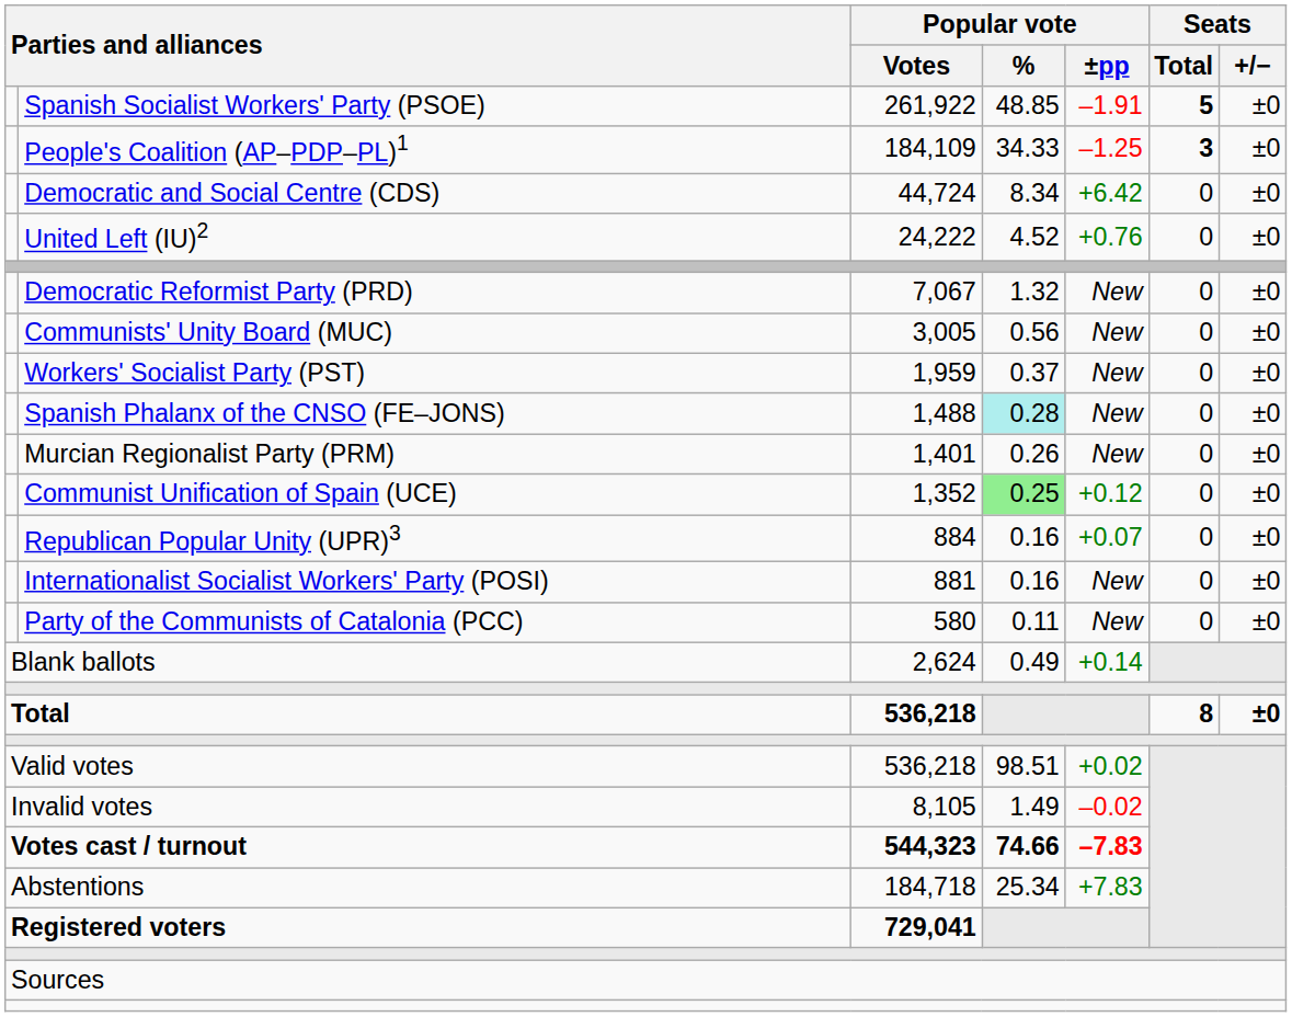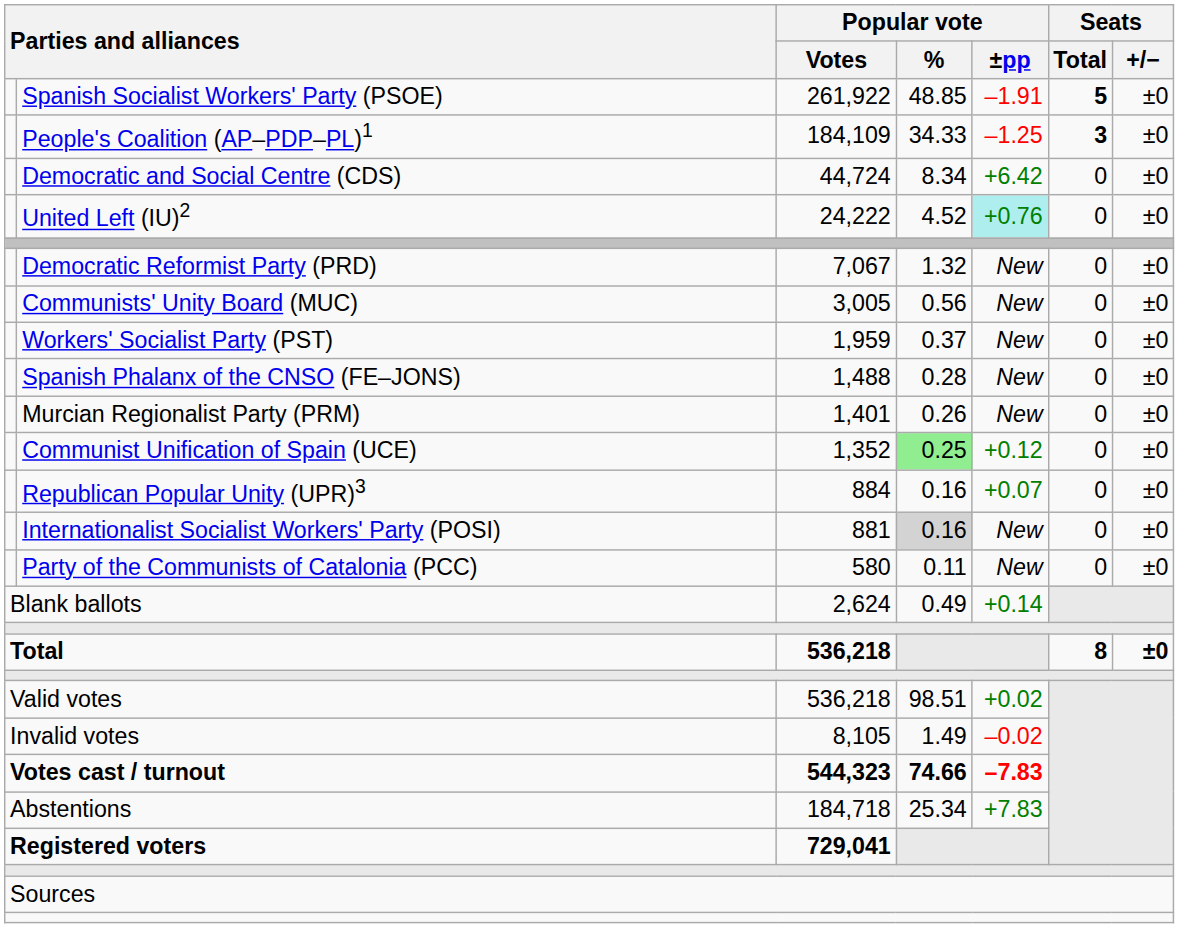 <table class="wikitable" style="text-align:right;">
 <tr>
 <th style="text-align:left;" rowspan="2" colspan="2" width="525">Parties and alliances</th>
 <th colspan="3">Popular vote</th>
 <th colspan="2">Seats</th>
 </tr>
 <tr>
 <th width="75">Votes</th>
 <th width="45">%</th>
 <th width="45">±<a href='#'>pp</a></th>
 <th width="35">Total</th>
 <th width="35">+/−</th>
 </tr>
 <tr>
 <td width="1" style="color:inherit;background:"></td>
 <td align="left"><a href='#'>Spanish Socialist Workers' Party</a> (PSOE)</td>
 <td>261,922</td>
 <td>48.85</td>
 <td style="color:red;">–1.91</td>
 <td><strong>5</strong></td>
 <td>±0</td>
 </tr>
 <tr>
 <td style="color:inherit;background:"></td>
 <td align="left"><a href='#'>People's Coalition</a> (<a href='#'>AP</a>–<a href='#'>PDP</a>–<a href='#'>PL</a>)<sup>1</sup></td>
 <td>184,109</td>
 <td>34.33</td>
 <td style="color:red;">–1.25</td>
 <td><strong>3</strong></td>
 <td>±0</td>
 </tr>
 <tr>
 <td style="color:inherit;background:"></td>
 <td align="left"><a href='#'>Democratic and Social Centre</a> (CDS)</td>
 <td>44,724</td>
 <td>8.34</td>
 <td style="color:green;">+6.42</td>
 <td>0</td>
 <td>±0</td>
 </tr>
 <tr>
 <td style="color:inherit;background:"></td>
 <td align="left"><a href='#'>United Left</a> (IU)<sup>2</sup></td>
 <td>24,222</td>
 <td>4.52</td>
-<td style="color:green;">+0.76</td>
+<td style="background: paleturquoise; color:green;">+0.76</td>
 <td>0</td>
 <td>±0</td>
 </tr>
 <tr>
 <td colspan="7" bgcolor="#C0C0C0"></td>
 </tr>
 <tr>
 <td style="color:inherit;background:"></td>
 <td align="left"><a href='#'>Democratic Reformist Party</a> (PRD)</td>
 <td>7,067</td>
 <td>1.32</td>
 <td><em>New</em></td>
 <td>0</td>
 <td>±0</td>
 </tr>
 <tr>
 <td style="color:inherit;background:"></td>
 <td align="left"><a href='#'>Communists' Unity Board</a> (MUC)</td>
 <td>3,005</td>
 <td>0.56</td>
 <td><em>New</em></td>
 <td>0</td>
 <td>±0</td>
 </tr>
 <tr>
 <td style="color:inherit;background:"></td>
 <td align="left"><a href='#'>Workers' Socialist Party</a> (PST)</td>
 <td>1,959</td>
 <td>0.37</td>
 <td><em>New</em></td>
 <td>0</td>
 <td>±0</td>
 </tr>
 <tr>
 <td style="color:inherit;background:"></td>
 <td align="left"><a href='#'>Spanish Phalanx of the CNSO</a> (FE–JONS)</td>
 <td>1,488</td>
-<td style="background: paleturquoise;">0.28</td>
+<td>0.28</td>
 <td><em>New</em></td>
 <td>0</td>
 <td>±0</td>
 </tr>
 <tr>
 <td style="color:inherit;background:"></td>
 <td align="left">Murcian Regionalist Party (PRM)</td>
 <td>1,401</td>
 <td>0.26</td>
 <td><em>New</em></td>
 <td>0</td>
 <td>±0</td>
 </tr>
 <tr>
 <td style="color:inherit;background:"></td>
 <td align="left"><a href='#'>Communist Unification of Spain</a> (UCE)</td>
 <td>1,352</td>
 <td style="background: lightgreen;">0.25</td>
 <td style="color:green;">+0.12</td>
 <td>0</td>
 <td>±0</td>
 </tr>
 <tr>
 <td style="color:inherit;background:"></td>
 <td align="left"><a href='#'>Republican Popular Unity</a> (UPR)<sup>3</sup></td>
 <td>884</td>
 <td>0.16</td>
 <td style="color:green;">+0.07</td>
 <td>0</td>
 <td>±0</td>
 </tr>
 <tr>
 <td style="color:inherit;background:"></td>
 <td align="left"><a href='#'>Internationalist Socialist Workers' Party</a> (POSI)</td>
 <td>881</td>
-<td>0.16</td>
+<td style="background: lightgrey;">0.16</td>
 <td><em>New</em></td>
 <td>0</td>
 <td>±0</td>
 </tr>
 <tr>
 <td style="color:inherit;background:"></td>
 <td align="left"><a href='#'>Party of the Communists of Catalonia</a> (PCC)</td>
 <td>580</td>
 <td>0.11</td>
 <td><em>New</em></td>
 <td>0</td>
 <td>±0</td>
 </tr>
 <tr>
 <td align="left" colspan="2">Blank ballots</td>
 <td>2,624</td>
 <td>0.49</td>
 <td style="color:green;">+0.14</td>
 <td bgcolor="#E9E9E9" colspan="2"></td>
 </tr>
 <tr>
 <td colspan="7" bgcolor="#E9E9E9"></td>
 </tr>
 <tr style="font-weight:bold;">
 <td align="left" colspan="2">Total</td>
 <td>536,218</td>
 <td bgcolor="#E9E9E9" colspan="2"></td>
 <td>8</td>
 <td>±0</td>
 </tr>
 <tr>
 <td colspan="7" bgcolor="#E9E9E9"></td>
 </tr>
 <tr>
 <td align="left" colspan="2">Valid votes</td>
 <td>536,218</td>
 <td>98.51</td>
 <td style="color:green;">+0.02</td>
 <td bgcolor="#E9E9E9" colspan="2" rowspan="5"></td>
 </tr>
 <tr>
 <td align="left" colspan="2">Invalid votes</td>
 <td>8,105</td>
 <td>1.49</td>
 <td style="color:red;">–0.02</td>
 </tr>
 <tr style="font-weight:bold;">
 <td align="left" colspan="2">Votes cast / turnout</td>
 <td>544,323</td>
 <td>74.66</td>
 <td style="color:red;">–7.83</td>
 </tr>
 <tr>
 <td align="left" colspan="2">Abstentions</td>
 <td>184,718</td>
 <td>25.34</td>
 <td style="color:green;">+7.83</td>
 </tr>
 <tr style="font-weight:bold;">
 <td align="left" colspan="2">Registered voters</td>
 <td>729,041</td>
 <td bgcolor="#E9E9E9" colspan="2"></td>
 </tr>
 <tr>
 <td colspan="7" bgcolor="#E9E9E9"></td>
 </tr>
 <tr>
 <td align="left" colspan="7">Sources</td>
 </tr>
 <tr>
 <td colspan="7" style="text-align:left; max-width:790px;"></td>
 </tr>
 </table>
